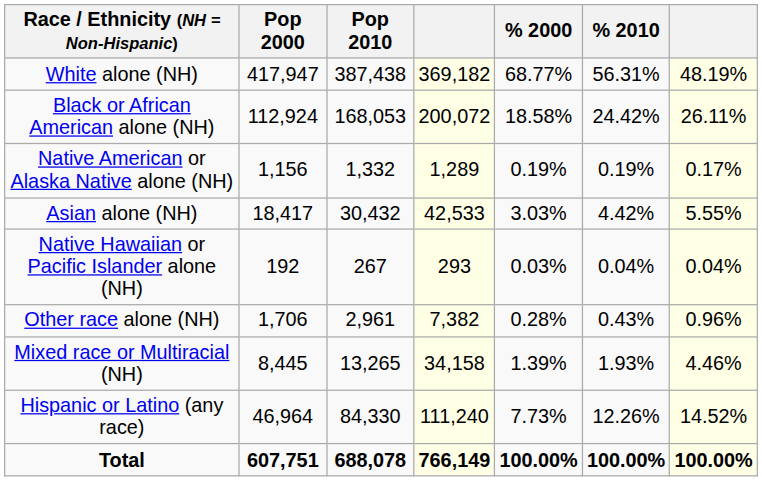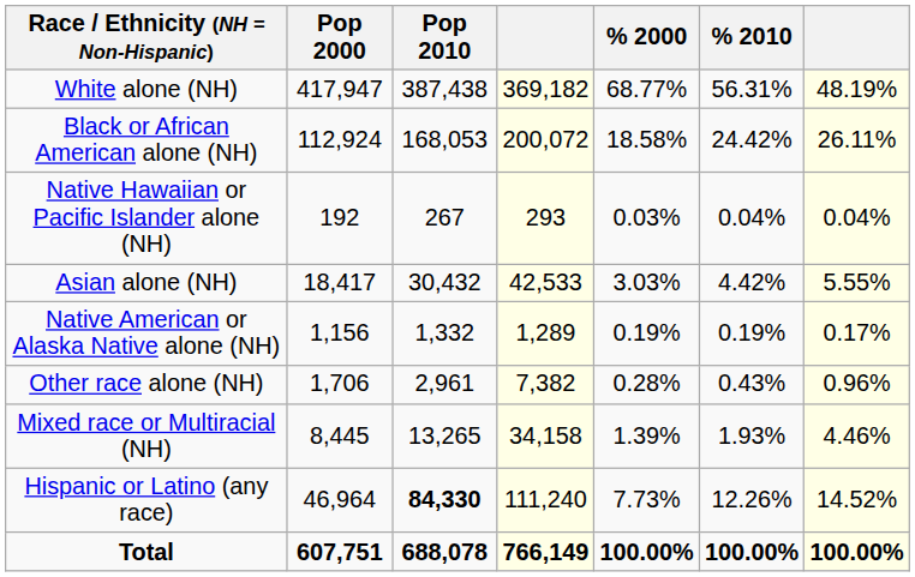 <table class="wikitable" style="text-align:center;">
 <tr>
 <th>Race / Ethnicity <small>(<em>NH = Non-Hispanic</em>)</small></th>
 <th>Pop 2000</th>
 <th>Pop 2010</th>
 <th></th>
 <th>% 2000</th>
 <th>% 2010</th>
 <th></th>
 </tr>
 <tr>
 <td><a href='#'>White</a> alone (NH)</td>
 <td>417,947</td>
 <td>387,438</td>
 <td style='background: #ffffe6;'>369,182</td>
 <td>68.77%</td>
 <td>56.31%</td>
 <td style='background: #ffffe6;'>48.19%</td>
 </tr>
 <tr>
 <td><a href='#'>Black or African American</a> alone (NH)</td>
 <td>112,924</td>
 <td>168,053</td>
 <td style='background: #ffffe6;'>200,072</td>
 <td>18.58%</td>
 <td>24.42%</td>
 <td style='background: #ffffe6;'>26.11%</td>
 </tr>
 <tr>
-<td><a href='#'>Native American</a> or <a href='#'>Alaska Native</a> alone (NH)</td>
-<td>1,156</td>
-<td>1,332</td>
-<td style='background: #ffffe6;'>1,289</td>
-<td>0.19%</td>
-<td>0.19%</td>
-<td style='background: #ffffe6;'>0.17%</td>
+<td><a href='#'>Native Hawaiian</a> or <a href='#'>Pacific Islander</a> alone (NH)</td>
+<td>192</td>
+<td>267</td>
+<td style='background: #ffffe6;'>293</td>
+<td>0.03%</td>
+<td>0.04%</td>
+<td style='background: #ffffe6;'>0.04%</td>
 </tr>
 <tr>
 <td><a href='#'>Asian</a> alone (NH)</td>
 <td>18,417</td>
 <td>30,432</td>
 <td style='background: #ffffe6;'>42,533</td>
 <td>3.03%</td>
 <td>4.42%</td>
 <td style='background: #ffffe6;'>5.55%</td>
 </tr>
 <tr>
-<td><a href='#'>Native Hawaiian</a> or <a href='#'>Pacific Islander</a> alone (NH)</td>
-<td>192</td>
-<td>267</td>
-<td style='background: #ffffe6;'>293</td>
-<td>0.03%</td>
-<td>0.04%</td>
-<td style='background: #ffffe6;'>0.04%</td>
+<td><a href='#'>Native American</a> or <a href='#'>Alaska Native</a> alone (NH)</td>
+<td>1,156</td>
+<td>1,332</td>
+<td style='background: #ffffe6;'>1,289</td>
+<td>0.19%</td>
+<td>0.19%</td>
+<td style='background: #ffffe6;'>0.17%</td>
 </tr>
 <tr>
 <td><a href='#'>Other race</a> alone (NH)</td>
 <td>1,706</td>
 <td>2,961</td>
 <td style='background: #ffffe6;'>7,382</td>
 <td>0.28%</td>
 <td>0.43%</td>
 <td style='background: #ffffe6;'>0.96%</td>
 </tr>
 <tr>
 <td><a href='#'>Mixed race or Multiracial</a> (NH)</td>
 <td>8,445</td>
 <td>13,265</td>
 <td style='background: #ffffe6;'>34,158</td>
 <td>1.39%</td>
 <td>1.93%</td>
 <td style='background: #ffffe6;'>4.46%</td>
 </tr>
 <tr>
 <td><a href='#'>Hispanic or Latino</a> (any race)</td>
 <td>46,964</td>
-<td>84,330</td>
+<td><strong>84,330</strong></td>
 <td style='background: #ffffe6;'>111,240</td>
 <td>7.73%</td>
 <td>12.26%</td>
 <td style='background: #ffffe6;'>14.52%</td>
 </tr>
 <tr>
 <td><strong>Total</strong></td>
 <td><strong>607,751</strong></td>
 <td><strong>688,078</strong></td>
 <td style='background: #ffffe6;'><strong>766,149</strong></td>
 <td><strong>100.00%</strong></td>
 <td><strong>100.00%</strong></td>
 <td style='background: #ffffe6;'><strong>100.00%</strong></td>
 </tr>
 </table>
